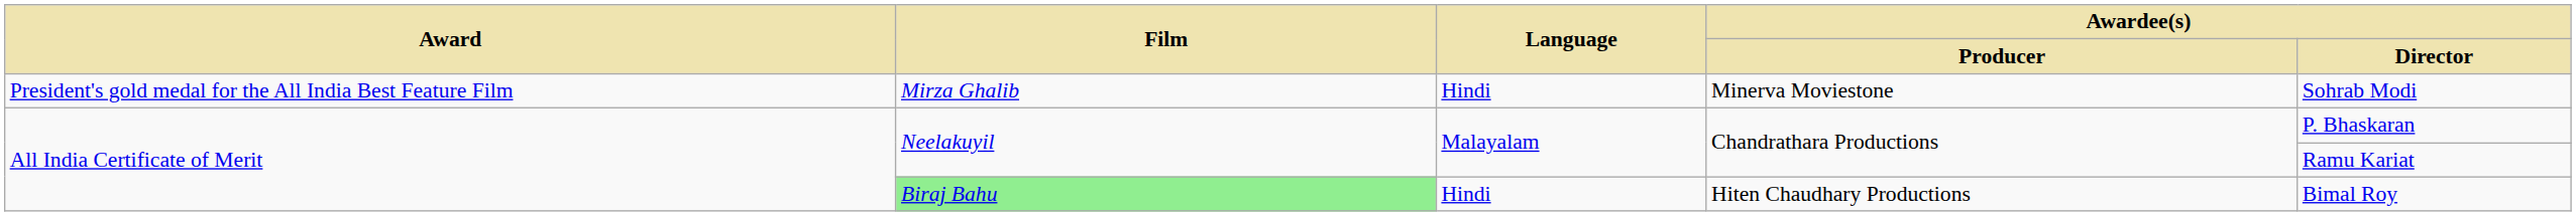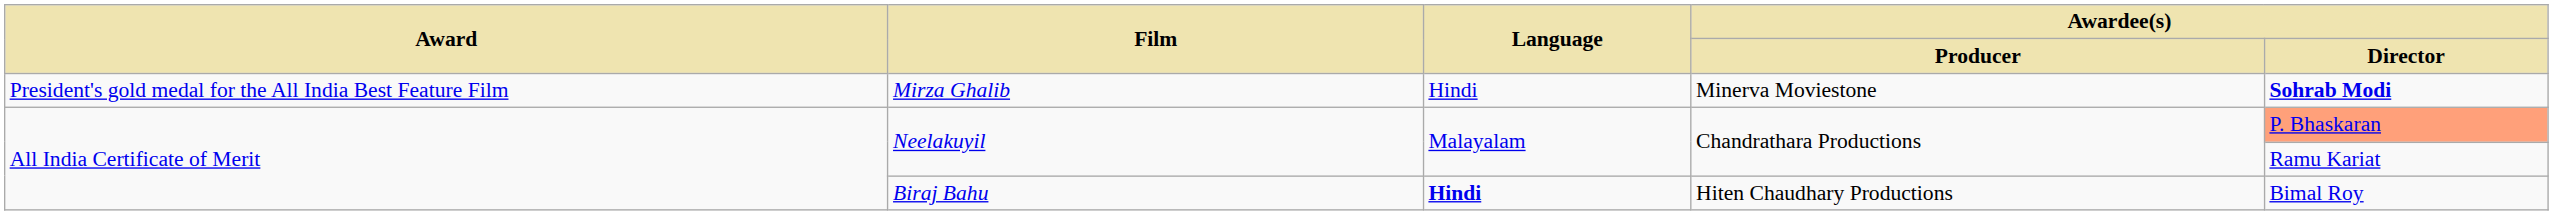 <table class="wikitable sortable" style="width:95%">
 <tr>
 <th scope="col" rowspan="2" style="background-color:#EFE4B0;width:33%;">Award</th>
 <th scope="col" rowspan="2" style="background-color:#EFE4B0;width:20%;">Film</th>
 <th scope="col" rowspan="2" style="background-color:#EFE4B0;width:10%;">Language</th>
 <th scope="col" colspan="2" style="background-color:#EFE4B0;width:32%;">Awardee(s)</th>
 </tr>
 <tr>
 <th scope="col" style="background-color:#EFE4B0;">Producer</th>
 <th scope="col" style="background-color:#EFE4B0;">Director</th>
 </tr>
 <tr>
 <td><a href='#'>President's gold medal for the All India Best Feature Film</a></td>
 <td><em><a href='#'>Mirza Ghalib</a></em></td>
 <td><a href='#'>Hindi</a></td>
 <td>Minerva Moviestone</td>
-<td><a href='#'>Sohrab Modi</a></td>
+<td><strong><a href='#'>Sohrab Modi</a></strong></td>
 </tr>
 <tr>
 <td rowspan="3"><a href='#'>All India Certificate of Merit</a></td>
 <td rowspan="2"><em><a href='#'>Neelakuyil</a></em></td>
 <td rowspan="2"><a href='#'>Malayalam</a></td>
 <td rowspan="2">Chandrathara Productions</td>
-<td><a href='#'>P. Bhaskaran</a></td>
+<td style="background: lightsalmon;"><a href='#'>P. Bhaskaran</a></td>
 </tr>
 <tr>
 <td><a href='#'>Ramu Kariat</a></td>
 </tr>
 <tr>
-<td style="background: lightgreen;"><em><a href='#'>Biraj Bahu</a></em></td>
-<td><a href='#'>Hindi</a></td>
+<td><em><a href='#'>Biraj Bahu</a></em></td>
+<td><strong><a href='#'>Hindi</a></strong></td>
 <td>Hiten Chaudhary Productions</td>
 <td><a href='#'>Bimal Roy</a></td>
 </tr>
 </table>
